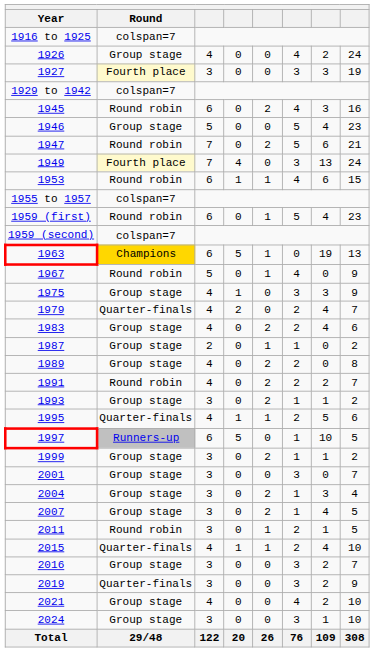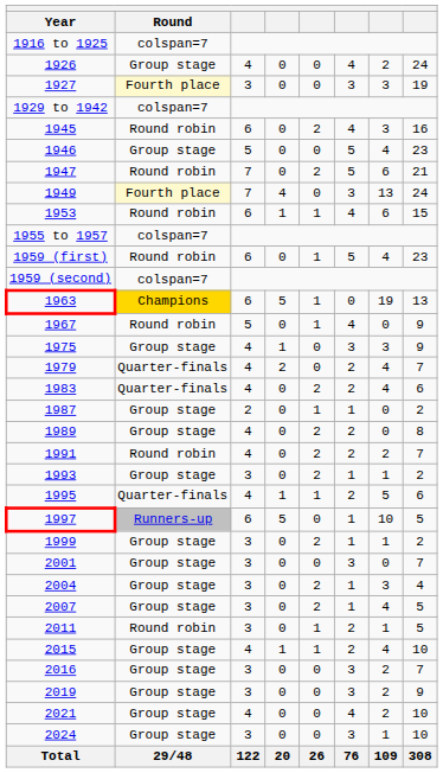 <table class="wikitable" style="text-align:center;">
 <tr>
 <th colspan="8"></th>
 </tr>
 <tr>
 <th>Year</th>
 <th>Round</th>
 <th width=28></th>
 <th width=28></th>
 <th width=28></th>
 <th width=28></th>
 <th width=28></th>
 <th width=28></th>
 </tr>
 <tr>
 <td><a href='#'>1916</a> to <a href='#'>1925</a></td>
 <td>colspan=7</td>
 </tr>
 <tr>
 <td><a href='#'>1926</a></td>
 <td>Group stage</td>
 <td>4</td>
 <td>0</td>
 <td>0</td>
 <td>4</td>
 <td>2</td>
 <td>24</td>
 </tr>
 <tr>
 <td><a href='#'>1927</a></td>
 <td style="background:LemonChiffon">Fourth place</td>
 <td>3</td>
 <td>0</td>
 <td>0</td>
 <td>3</td>
 <td>3</td>
 <td>19</td>
 </tr>
 <tr>
 <td><a href='#'>1929</a> to <a href='#'>1942</a></td>
 <td>colspan=7</td>
 </tr>
 <tr>
 <td><a href='#'>1945</a></td>
 <td>Round robin</td>
 <td>6</td>
 <td>0</td>
 <td>2</td>
 <td>4</td>
 <td>3</td>
 <td>16</td>
 </tr>
 <tr>
 <td><a href='#'>1946</a></td>
 <td>Group stage</td>
 <td>5</td>
 <td>0</td>
 <td>0</td>
 <td>5</td>
 <td>4</td>
 <td>23</td>
 </tr>
 <tr>
 <td><a href='#'>1947</a></td>
 <td>Round robin</td>
 <td>7</td>
 <td>0</td>
 <td>2</td>
 <td>5</td>
 <td>6</td>
 <td>21</td>
 </tr>
 <tr>
 <td><a href='#'>1949</a></td>
 <td style="background:LemonChiffon">Fourth place</td>
 <td>7</td>
 <td>4</td>
 <td>0</td>
 <td>3</td>
 <td>13</td>
 <td>24</td>
 </tr>
 <tr>
 <td><a href='#'>1953</a></td>
 <td>Round robin</td>
 <td>6</td>
 <td>1</td>
 <td>1</td>
 <td>4</td>
 <td>6</td>
 <td>15</td>
 </tr>
 <tr>
 <td><a href='#'>1955</a> to <a href='#'>1957</a></td>
 <td>colspan=7</td>
 </tr>
 <tr>
 <td><a href='#'>1959 (first)</a></td>
 <td>Round robin</td>
 <td>6</td>
 <td>0</td>
 <td>1</td>
 <td>5</td>
 <td>4</td>
 <td>23</td>
 </tr>
 <tr>
 <td><a href='#'>1959 (second)</a></td>
 <td>colspan=7</td>
 </tr>
 <tr>
 <td style="border:3px solid red"><a href='#'>1963</a></td>
 <td style="background:gold">Champions</td>
 <td>6</td>
 <td>5</td>
 <td>1</td>
 <td>0</td>
 <td>19</td>
 <td>13</td>
 </tr>
 <tr>
 <td><a href='#'>1967</a></td>
 <td>Round robin</td>
 <td>5</td>
 <td>0</td>
 <td>1</td>
 <td>4</td>
 <td>0</td>
 <td>9</td>
 </tr>
 <tr>
 <td><a href='#'>1975</a></td>
 <td>Group stage</td>
 <td>4</td>
 <td>1</td>
 <td>0</td>
 <td>3</td>
 <td>3</td>
 <td>9</td>
 </tr>
 <tr>
 <td><a href='#'>1979</a></td>
 <td>Quarter-finals</td>
 <td>4</td>
 <td>2</td>
 <td>0</td>
 <td>2</td>
 <td>4</td>
 <td>7</td>
 </tr>
 <tr>
 <td><a href='#'>1983</a></td>
-<td>Group stage</td>
+<td>Quarter-finals</td>
 <td>4</td>
 <td>0</td>
 <td>2</td>
 <td>2</td>
 <td>4</td>
 <td>6</td>
 </tr>
 <tr>
 <td><a href='#'>1987</a></td>
 <td>Group stage</td>
 <td>2</td>
 <td>0</td>
 <td>1</td>
 <td>1</td>
 <td>0</td>
 <td>2</td>
 </tr>
 <tr>
 <td><a href='#'>1989</a></td>
 <td>Group stage</td>
 <td>4</td>
 <td>0</td>
 <td>2</td>
 <td>2</td>
 <td>0</td>
 <td>8</td>
 </tr>
 <tr>
 <td><a href='#'>1991</a></td>
 <td>Round robin</td>
 <td>4</td>
 <td>0</td>
 <td>2</td>
 <td>2</td>
 <td>2</td>
 <td>7</td>
 </tr>
 <tr>
 <td><a href='#'>1993</a></td>
 <td>Group stage</td>
 <td>3</td>
 <td>0</td>
 <td>2</td>
 <td>1</td>
 <td>1</td>
 <td>2</td>
 </tr>
 <tr>
 <td><a href='#'>1995</a></td>
 <td>Quarter-finals</td>
 <td>4</td>
 <td>1</td>
 <td>1</td>
 <td>2</td>
 <td>5</td>
 <td>6</td>
 </tr>
 <tr>
 <td style="border:3px solid red;"><a href='#'>1997</a></td>
 <td style="background:silver"><a href='#'>Runners-up</a></td>
 <td>6</td>
 <td>5</td>
 <td>0</td>
 <td>1</td>
 <td>10</td>
 <td>5</td>
 </tr>
 <tr>
 <td><a href='#'>1999</a></td>
 <td>Group stage</td>
 <td>3</td>
 <td>0</td>
 <td>2</td>
 <td>1</td>
 <td>1</td>
 <td>2</td>
 </tr>
 <tr>
 <td><a href='#'>2001</a></td>
 <td>Group stage</td>
 <td>3</td>
 <td>0</td>
 <td>0</td>
 <td>3</td>
 <td>0</td>
 <td>7</td>
 </tr>
 <tr>
 <td><a href='#'>2004</a></td>
 <td>Group stage</td>
 <td>3</td>
 <td>0</td>
 <td>2</td>
 <td>1</td>
 <td>3</td>
 <td>4</td>
 </tr>
 <tr>
 <td><a href='#'>2007</a></td>
 <td>Group stage</td>
 <td>3</td>
 <td>0</td>
 <td>2</td>
 <td>1</td>
 <td>4</td>
 <td>5</td>
 </tr>
 <tr>
 <td><a href='#'>2011</a></td>
 <td>Round robin</td>
 <td>3</td>
 <td>0</td>
 <td>1</td>
 <td>2</td>
 <td>1</td>
 <td>5</td>
 </tr>
 <tr>
 <td><a href='#'>2015</a></td>
-<td>Quarter-finals</td>
+<td>Group stage</td>
 <td>4</td>
 <td>1</td>
 <td>1</td>
 <td>2</td>
 <td>4</td>
 <td>10</td>
 </tr>
 <tr>
 <td><a href='#'>2016</a></td>
 <td>Group stage</td>
 <td>3</td>
 <td>0</td>
 <td>0</td>
 <td>3</td>
 <td>2</td>
 <td>7</td>
 </tr>
 <tr>
 <td><a href='#'>2019</a></td>
-<td>Quarter-finals</td>
+<td>Group stage</td>
 <td>3</td>
 <td>0</td>
 <td>0</td>
 <td>3</td>
 <td>2</td>
 <td>9</td>
 </tr>
 <tr>
 <td><a href='#'>2021</a></td>
 <td>Group stage</td>
 <td>4</td>
 <td>0</td>
 <td>0</td>
 <td>4</td>
 <td>2</td>
 <td>10</td>
 </tr>
 <tr>
 <td><a href='#'>2024</a></td>
 <td>Group stage</td>
 <td>3</td>
 <td>0</td>
 <td>0</td>
 <td>3</td>
 <td>1</td>
 <td>10</td>
 </tr>
 <tr>
 <th>Total</th>
 <th>29/48</th>
 <th>122</th>
 <th>20</th>
 <th>26</th>
 <th>76</th>
 <th>109</th>
 <th>308</th>
 </tr>
 </table>
